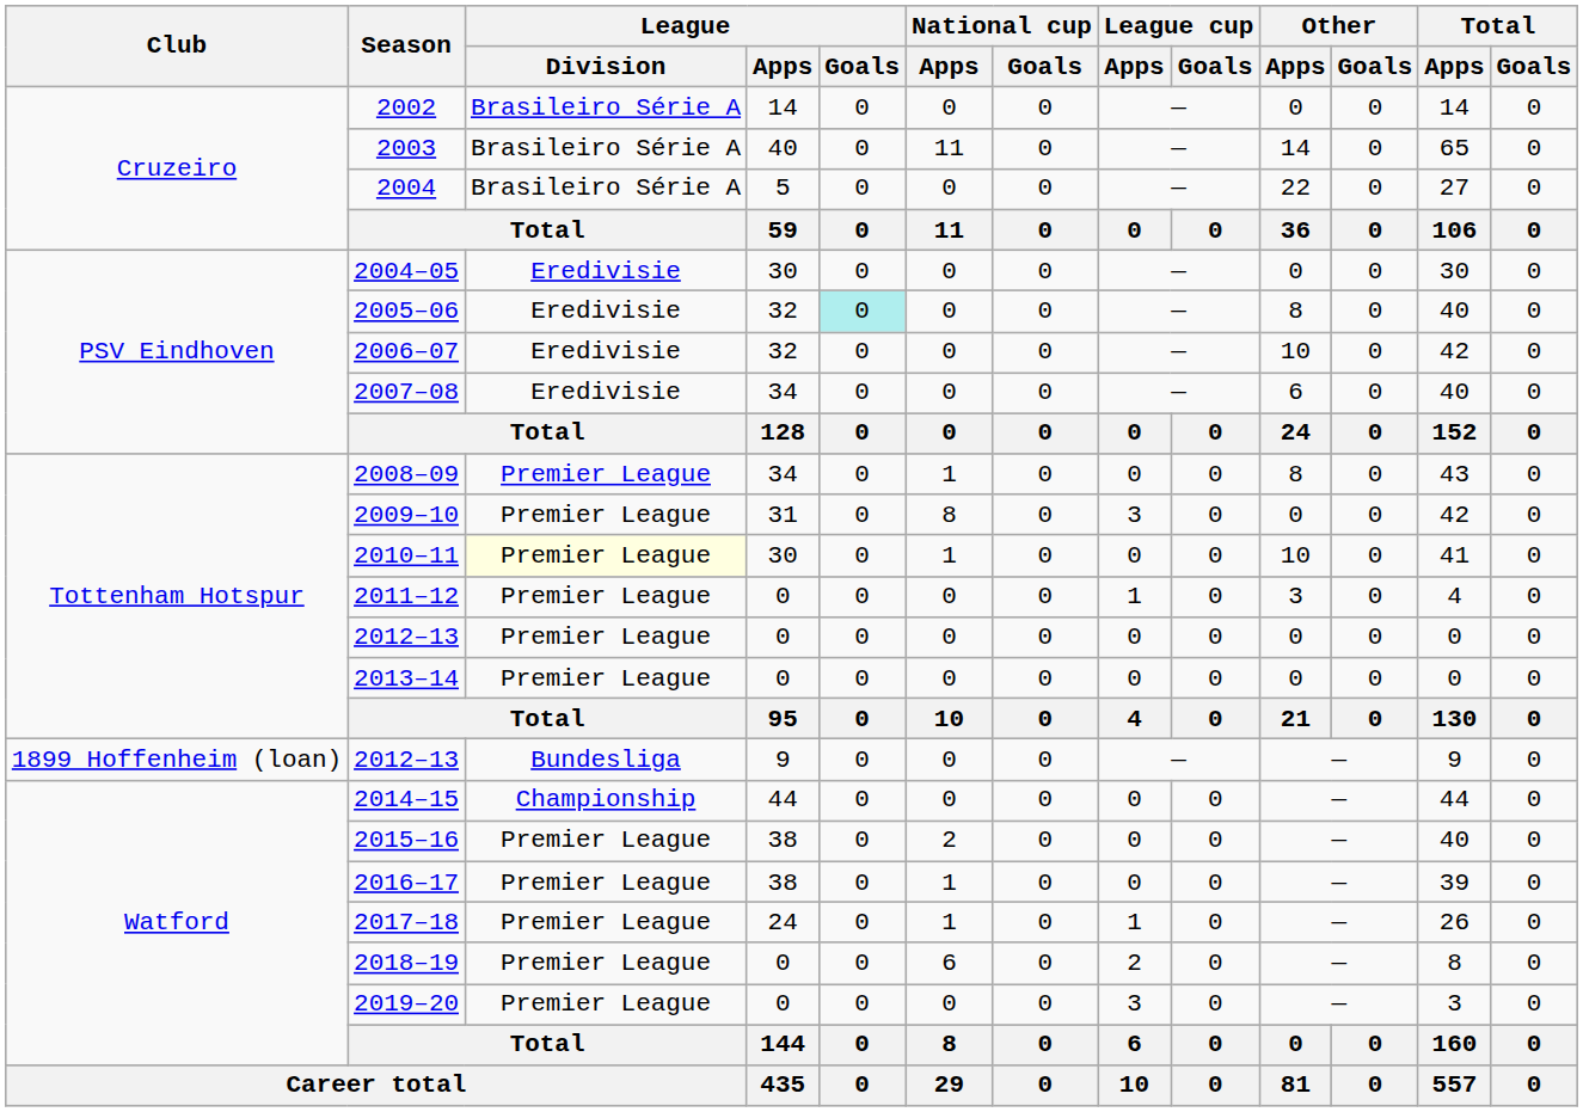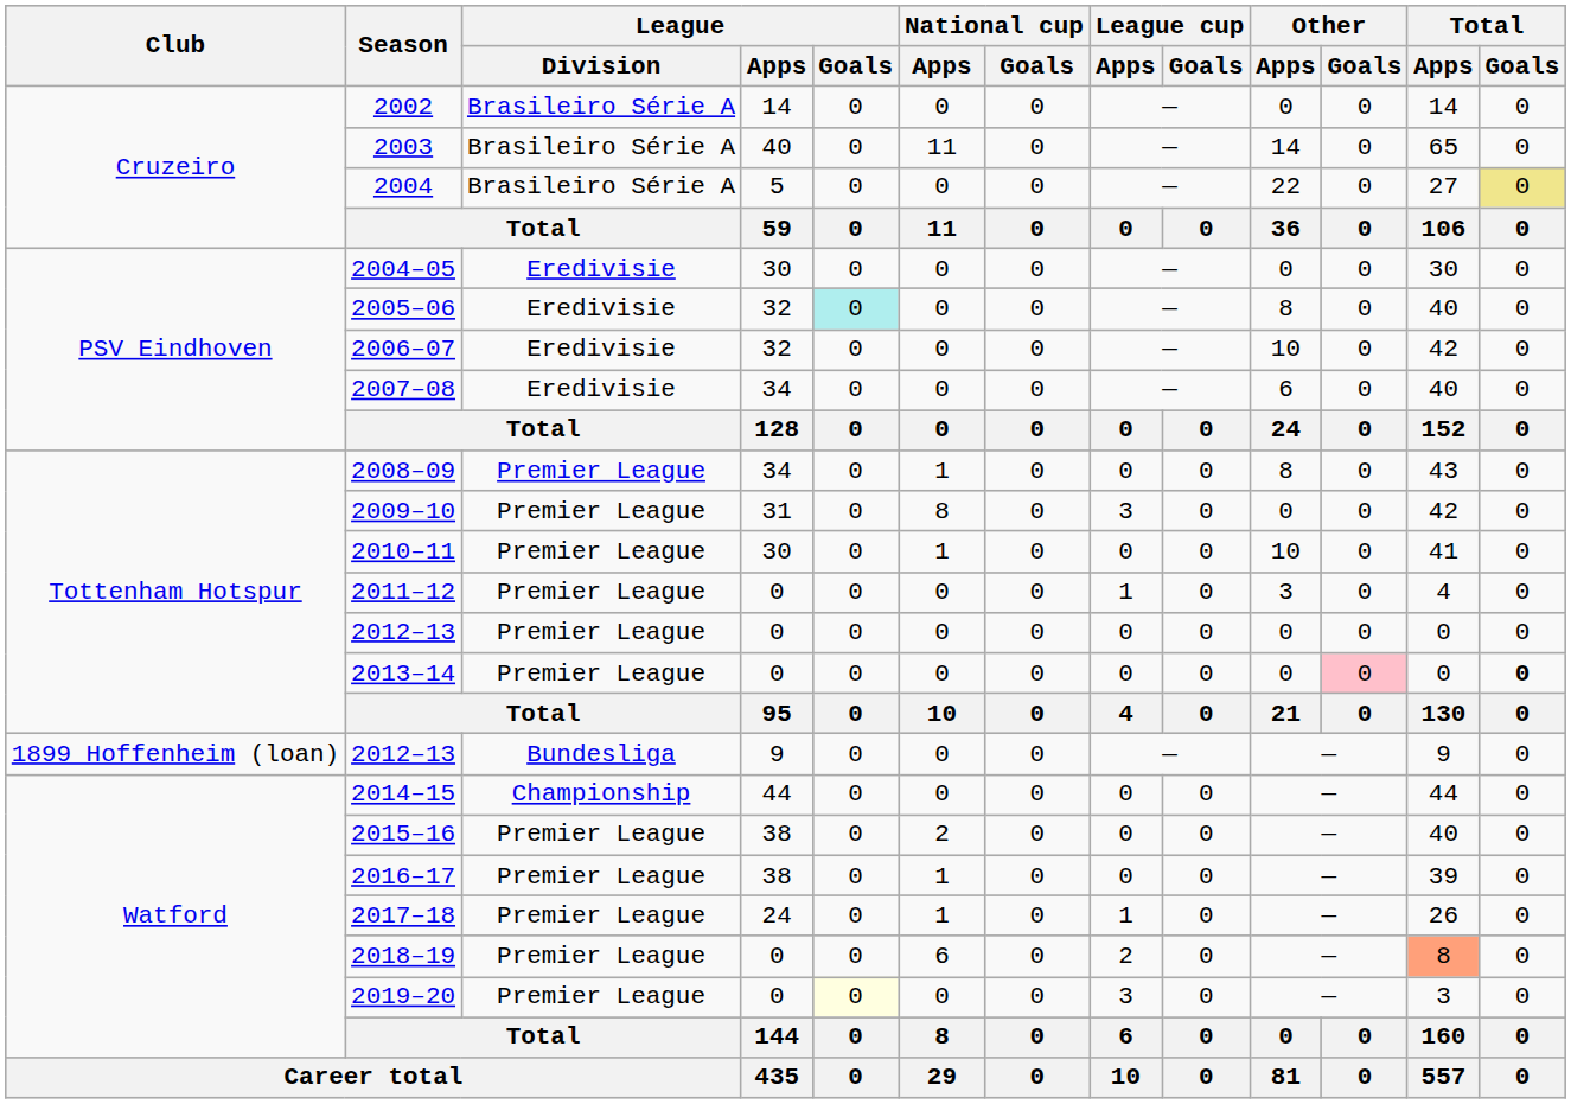 <table class="wikitable" style="text-align:center">
 <tr>
 <th rowspan="2">Club</th>
 <th rowspan="2">Season</th>
 <th colspan="3">League</th>
 <th colspan="2">National cup</th>
 <th colspan="2">League cup</th>
 <th colspan="2">Other</th>
 <th colspan="2">Total</th>
 </tr>
 <tr>
 <th>Division</th>
 <th>Apps</th>
 <th>Goals</th>
 <th>Apps</th>
 <th>Goals</th>
 <th>Apps</th>
 <th>Goals</th>
 <th>Apps</th>
 <th>Goals</th>
 <th>Apps</th>
 <th>Goals</th>
 </tr>
 <tr>
 <td rowspan="4"><a href='#'>Cruzeiro</a></td>
 <td><a href='#'>2002</a></td>
 <td><a href='#'>Brasileiro Série A</a></td>
 <td>14</td>
 <td>0</td>
 <td>0</td>
 <td>0</td>
 <td colspan="2">—</td>
 <td>0</td>
 <td>0</td>
 <td>14</td>
 <td>0</td>
 </tr>
 <tr>
 <td><a href='#'>2003</a></td>
 <td>Brasileiro Série A</td>
 <td>40</td>
 <td>0</td>
 <td>11</td>
 <td>0</td>
 <td colspan="2">—</td>
 <td>14</td>
 <td>0</td>
 <td>65</td>
 <td>0</td>
 </tr>
 <tr>
 <td><a href='#'>2004</a></td>
 <td>Brasileiro Série A</td>
 <td>5</td>
 <td>0</td>
 <td>0</td>
 <td>0</td>
 <td colspan="2">—</td>
 <td>22</td>
 <td>0</td>
 <td>27</td>
-<td>0</td>
+<td style="background: khaki;">0</td>
 </tr>
 <tr>
 <th colspan="2">Total</th>
 <th>59</th>
 <th>0</th>
 <th>11</th>
 <th>0</th>
 <th>0</th>
 <th>0</th>
 <th>36</th>
 <th>0</th>
 <th>106</th>
 <th>0</th>
 </tr>
 <tr>
 <td rowspan="5"><a href='#'>PSV Eindhoven</a></td>
 <td><a href='#'>2004–05</a></td>
 <td><a href='#'>Eredivisie</a></td>
 <td>30</td>
 <td>0</td>
 <td>0</td>
 <td>0</td>
 <td colspan="2">—</td>
 <td>0</td>
 <td>0</td>
 <td>30</td>
 <td>0</td>
 </tr>
 <tr>
 <td><a href='#'>2005–06</a></td>
 <td>Eredivisie</td>
 <td>32</td>
 <td style="background: paleturquoise;">0</td>
 <td>0</td>
 <td>0</td>
 <td colspan="2">—</td>
 <td>8</td>
 <td>0</td>
 <td>40</td>
 <td>0</td>
 </tr>
 <tr>
 <td><a href='#'>2006–07</a></td>
 <td>Eredivisie</td>
 <td>32</td>
 <td>0</td>
 <td>0</td>
 <td>0</td>
 <td colspan="2">—</td>
 <td>10</td>
 <td>0</td>
 <td>42</td>
 <td>0</td>
 </tr>
 <tr>
 <td><a href='#'>2007–08</a></td>
 <td>Eredivisie</td>
 <td>34</td>
 <td>0</td>
 <td>0</td>
 <td>0</td>
 <td colspan="2">—</td>
 <td>6</td>
 <td>0</td>
 <td>40</td>
 <td>0</td>
 </tr>
 <tr>
 <th colspan="2">Total</th>
 <th>128</th>
 <th>0</th>
 <th>0</th>
 <th>0</th>
 <th>0</th>
 <th>0</th>
 <th>24</th>
 <th>0</th>
 <th>152</th>
 <th>0</th>
 </tr>
 <tr>
 <td rowspan="7"><a href='#'>Tottenham Hotspur</a></td>
 <td><a href='#'>2008–09</a></td>
 <td><a href='#'>Premier League</a></td>
 <td>34</td>
 <td>0</td>
 <td>1</td>
 <td>0</td>
 <td>0</td>
 <td>0</td>
 <td>8</td>
 <td>0</td>
 <td>43</td>
 <td>0</td>
 </tr>
 <tr>
 <td><a href='#'>2009–10</a></td>
 <td>Premier League</td>
 <td>31</td>
 <td>0</td>
 <td>8</td>
 <td>0</td>
 <td>3</td>
 <td>0</td>
 <td>0</td>
 <td>0</td>
 <td>42</td>
 <td>0</td>
 </tr>
 <tr>
 <td><a href='#'>2010–11</a></td>
-<td style="background: lightyellow;">Premier League</td>
+<td>Premier League</td>
 <td>30</td>
 <td>0</td>
 <td>1</td>
 <td>0</td>
 <td>0</td>
 <td>0</td>
 <td>10</td>
 <td>0</td>
 <td>41</td>
 <td>0</td>
 </tr>
 <tr>
 <td><a href='#'>2011–12</a></td>
 <td>Premier League</td>
 <td>0</td>
 <td>0</td>
 <td>0</td>
 <td>0</td>
 <td>1</td>
 <td>0</td>
 <td>3</td>
 <td>0</td>
 <td>4</td>
 <td>0</td>
 </tr>
 <tr>
 <td><a href='#'>2012–13</a></td>
 <td>Premier League</td>
 <td>0</td>
 <td>0</td>
 <td>0</td>
 <td>0</td>
 <td>0</td>
 <td>0</td>
 <td>0</td>
 <td>0</td>
 <td>0</td>
 <td>0</td>
 </tr>
 <tr>
 <td><a href='#'>2013–14</a></td>
 <td>Premier League</td>
 <td>0</td>
 <td>0</td>
 <td>0</td>
 <td>0</td>
 <td>0</td>
 <td>0</td>
 <td>0</td>
+<td style="background: pink;">0</td>
 <td>0</td>
-<td>0</td>
-<td>0</td>
+<td><strong>0</strong></td>
 </tr>
 <tr>
 <th colspan="2">Total</th>
 <th>95</th>
 <th>0</th>
 <th>10</th>
 <th>0</th>
 <th>4</th>
 <th>0</th>
 <th>21</th>
 <th>0</th>
 <th>130</th>
 <th>0</th>
 </tr>
 <tr>
 <td><a href='#'>1899 Hoffenheim</a> (loan)</td>
 <td><a href='#'>2012–13</a></td>
 <td><a href='#'>Bundesliga</a></td>
 <td>9</td>
 <td>0</td>
 <td>0</td>
 <td>0</td>
 <td colspan="2">—</td>
 <td colspan="2">—</td>
 <td>9</td>
 <td>0</td>
 </tr>
 <tr>
 <td rowspan="7"><a href='#'>Watford</a></td>
 <td><a href='#'>2014–15</a></td>
 <td><a href='#'>Championship</a></td>
 <td>44</td>
 <td>0</td>
 <td>0</td>
 <td>0</td>
 <td>0</td>
 <td>0</td>
 <td colspan="2">—</td>
 <td>44</td>
 <td>0</td>
 </tr>
 <tr>
 <td><a href='#'>2015–16</a></td>
 <td>Premier League</td>
 <td>38</td>
 <td>0</td>
 <td>2</td>
 <td>0</td>
 <td>0</td>
 <td>0</td>
 <td colspan="2">—</td>
 <td>40</td>
 <td>0</td>
 </tr>
 <tr>
 <td><a href='#'>2016–17</a></td>
 <td>Premier League</td>
 <td>38</td>
 <td>0</td>
 <td>1</td>
 <td>0</td>
 <td>0</td>
 <td>0</td>
 <td colspan="2">—</td>
 <td>39</td>
 <td>0</td>
 </tr>
 <tr>
 <td><a href='#'>2017–18</a></td>
 <td>Premier League</td>
 <td>24</td>
 <td>0</td>
 <td>1</td>
 <td>0</td>
 <td>1</td>
 <td>0</td>
 <td colspan="2">—</td>
 <td>26</td>
 <td>0</td>
 </tr>
 <tr>
 <td><a href='#'>2018–19</a></td>
 <td>Premier League</td>
 <td>0</td>
 <td>0</td>
 <td>6</td>
 <td>0</td>
 <td>2</td>
 <td>0</td>
 <td colspan="2">—</td>
-<td>8</td>
+<td style="background: lightsalmon;">8</td>
 <td>0</td>
 </tr>
 <tr>
 <td><a href='#'>2019–20</a></td>
 <td>Premier League</td>
 <td>0</td>
-<td>0</td>
+<td style="background: lightyellow;">0</td>
 <td>0</td>
 <td>0</td>
 <td>3</td>
 <td>0</td>
 <td colspan="2">—</td>
 <td>3</td>
 <td>0</td>
 </tr>
 <tr>
 <th colspan="2">Total</th>
 <th>144</th>
 <th>0</th>
 <th>8</th>
 <th>0</th>
 <th>6</th>
 <th>0</th>
 <th>0</th>
 <th>0</th>
 <th>160</th>
 <th>0</th>
 </tr>
 <tr>
 <th colspan="3">Career total</th>
 <th>435</th>
 <th>0</th>
 <th>29</th>
 <th>0</th>
 <th>10</th>
 <th>0</th>
 <th>81</th>
 <th>0</th>
 <th>557</th>
 <th>0</th>
 </tr>
 </table>
